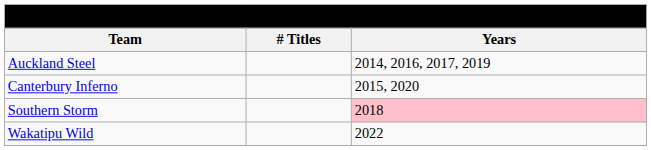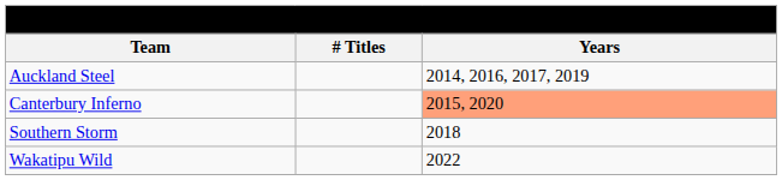 <table class="wikitable sortable" style="font-size:95%; width:45em">
 <tr>
 <th style="background:#000000;" colspan="7"><span>All-time Championships</span></th>
 </tr>
 <tr>
 <th>Team</th>
 <th># Titles</th>
 <th>Years</th>
 </tr>
 <tr>
 <td><a href='#'>Auckland Steel</a></td>
 <td></td>
 <td>2014, 2016, 2017, 2019</td>
 </tr>
 <tr>
 <td><a href='#'>Canterbury Inferno</a></td>
 <td></td>
-<td>2015, 2020</td>
+<td style="background: lightsalmon;">2015, 2020</td>
 </tr>
 <tr>
 <td><a href='#'>Southern Storm</a></td>
 <td></td>
-<td style="background: pink;">2018</td>
+<td>2018</td>
 </tr>
 <tr>
 <td><a href='#'>Wakatipu Wild</a></td>
 <td></td>
 <td>2022</td>
 </tr>
 <tr>
 </tr>
 </table>
